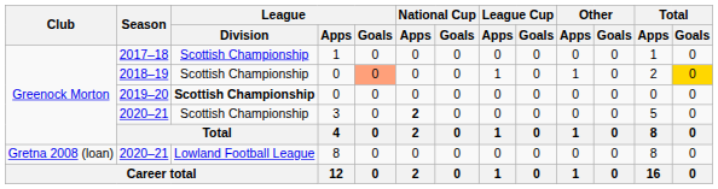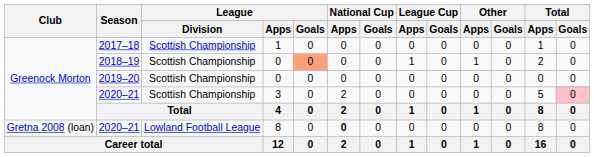 <table class="wikitable" style="text-align:center">
 <tr>
 <th rowspan="2">Club</th>
 <th rowspan="2">Season</th>
 <th colspan="3">League</th>
 <th colspan="2">National Cup</th>
 <th colspan="2">League Cup</th>
 <th colspan="2">Other</th>
 <th colspan="2">Total</th>
 </tr>
 <tr>
 <th>Division</th>
 <th>Apps</th>
 <th>Goals</th>
 <th>Apps</th>
 <th>Goals</th>
 <th>Apps</th>
 <th>Goals</th>
 <th>Apps</th>
 <th>Goals</th>
 <th>Apps</th>
 <th>Goals</th>
 </tr>
 <tr>
 <td rowspan=5><a href='#'>Greenock Morton</a></td>
 <td><a href='#'>2017–18</a></td>
 <td><a href='#'>Scottish Championship</a></td>
 <td>1</td>
 <td>0</td>
 <td>0</td>
 <td>0</td>
 <td>0</td>
 <td>0</td>
 <td>0</td>
 <td>0</td>
 <td>1</td>
 <td>0</td>
 </tr>
 <tr>
 <td><a href='#'>2018–19</a></td>
 <td>Scottish Championship</td>
 <td>0</td>
 <td style="background: lightsalmon;">0</td>
 <td>0</td>
 <td>0</td>
 <td>1</td>
 <td>0</td>
 <td>1</td>
 <td>0</td>
 <td>2</td>
-<td style="background: gold;">0</td>
+<td>0</td>
 </tr>
 <tr>
 <td><a href='#'>2019–20</a></td>
-<td><strong>Scottish Championship</strong></td>
+<td>Scottish Championship</td>
 <td>0</td>
 <td>0</td>
 <td>0</td>
 <td>0</td>
 <td>0</td>
 <td>0</td>
 <td>0</td>
 <td>0</td>
 <td>0</td>
 <td>0</td>
 </tr>
 <tr>
 <td><a href='#'>2020–21</a></td>
 <td>Scottish Championship</td>
 <td>3</td>
 <td>0</td>
-<td><strong>2</strong></td>
+<td>2</td>
 <td>0</td>
 <td>0</td>
 <td>0</td>
 <td>0</td>
 <td>0</td>
 <td>5</td>
-<td>0</td>
+<td style="background: pink;">0</td>
 </tr>
 <tr>
 <th colspan=2>Total</th>
 <th>4</th>
 <th>0</th>
 <th>2</th>
 <th>0</th>
 <th>1</th>
 <th>0</th>
 <th>1</th>
 <th>0</th>
 <th>8</th>
 <th>0</th>
 </tr>
 <tr>
 <td><a href='#'>Gretna 2008</a> (loan)</td>
 <td><a href='#'>2020–21</a></td>
 <td><a href='#'>Lowland Football League</a></td>
 <td>8</td>
 <td>0</td>
-<td>0</td>
+<td><strong>0</strong></td>
 <td>0</td>
 <td>0</td>
 <td>0</td>
 <td>0</td>
 <td>0</td>
 <td>8</td>
 <td>0</td>
 </tr>
 <tr>
 <th colspan=3>Career total</th>
 <th>12</th>
 <th>0</th>
 <th>2</th>
 <th>0</th>
 <th>1</th>
 <th>0</th>
 <th>1</th>
 <th>0</th>
 <th>16</th>
 <th>0</th>
 </tr>
 </table>
